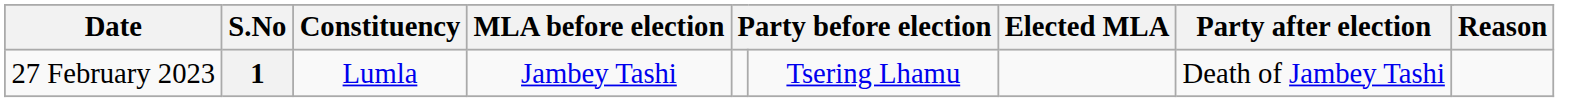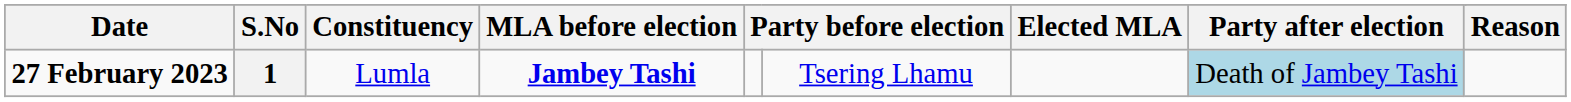 <table class="wikitable sortable" style="text-align:center;">
 <tr>
 <th>Date</th>
 <th>S.No</th>
 <th>Constituency</th>
 <th>MLA before election</th>
 <th colspan="2">Party before election</th>
 <th>Elected MLA</th>
 <th colspan="2">Party after election</th>
 <th>Reason</th>
 </tr>
 <tr>
-<td>27 February 2023</td>
+<td><strong>27 February 2023</strong></td>
 <th>1</th>
 <td><a href='#'>Lumla</a></td>
-<td><a href='#'>Jambey Tashi</a></td>
+<td><strong><a href='#'>Jambey Tashi</a></strong></td>
 <td></td>
 <td><a href='#'>Tsering Lhamu</a></td>
 <td></td>
-<td>Death of <a href='#'>Jambey Tashi</a></td>
+<td style="background: lightblue;">Death of <a href='#'>Jambey Tashi</a></td>
 </tr>
 </table>
